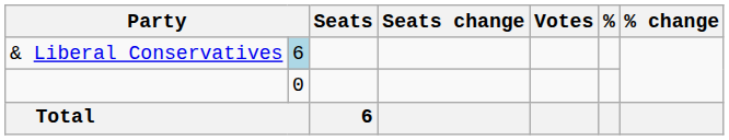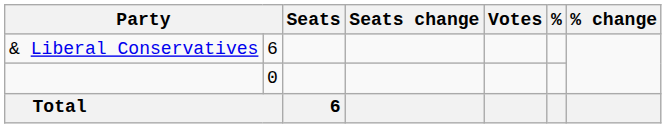 <table class="wikitable sortable">
 <tr>
 <th colspan=2>Party</th>
 <th>Seats</th>
 <th>Seats change</th>
 <th>Votes</th>
 <th>%</th>
 <th>% change</th>
 </tr>
 <tr>
 <td> & <a href='#'>Liberal Conservatives</a></td>
-<td align=right style="background: lightblue;">6</td>
+<td align=right>6</td>
 <td align=right></td>
 <td align=right></td>
 <td align=right></td>
 <td align=right></td>
 </tr>
 <tr>
 <td></td>
 <td align=right>0</td>
 <td align=right></td>
 <td align=right></td>
 <td align=right></td>
 <td align=right></td>
 </tr>
 <tr class="sortbottom" style="font-weight: bold; text-align: right; background: #f2f2f2;">
 <th colspan="2" style="padding-left: 1.5em; text-align: left;">Total</th>
 <td align=right>6</td>
 <td align=right></td>
 <td align=right></td>
 <td align=right></td>
 <td align=right></td>
 </tr>
 </table>
